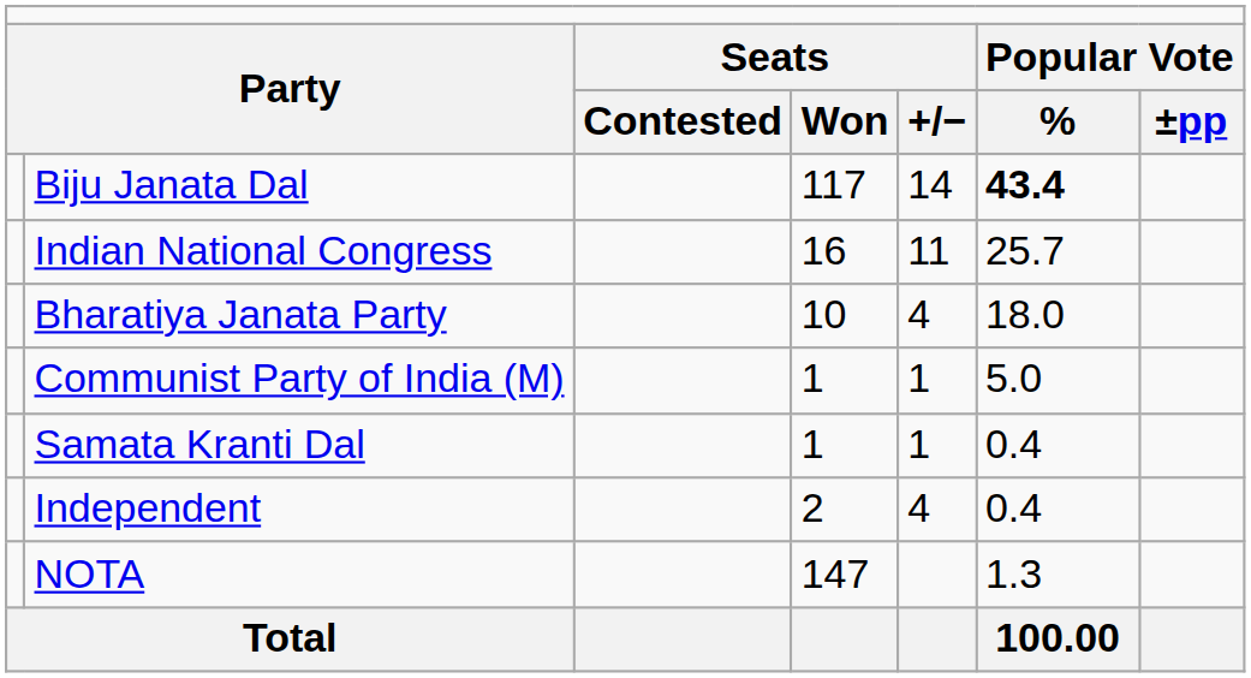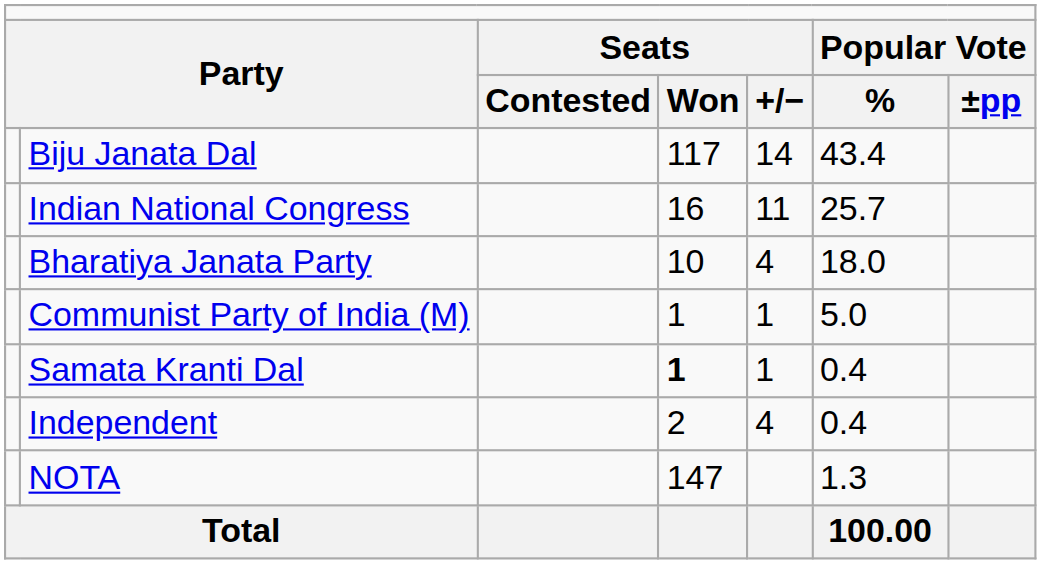 <table class="wikitable">
 <tr>
 <td colspan="7"></td>
 </tr>
 <tr>
 <th colspan="2" rowspan="2">Party</th>
 <th colspan="3">Seats</th>
 <th colspan="2">Popular Vote</th>
 </tr>
 <tr>
 <th>Contested</th>
 <th>Won</th>
 <th><strong>+/−</strong></th>
 <th>%</th>
 <th>±<a href='#'>pp</a></th>
 </tr>
 <tr>
 <td style="background-color: "></td>
 <td><a href='#'>Biju Janata Dal</a></td>
 <td></td>
 <td>117</td>
 <td>14</td>
-<td><strong>43.4</strong></td>
+<td>43.4</td>
 <td></td>
 </tr>
 <tr>
 <td style="background-color: "></td>
 <td><a href='#'>Indian National Congress</a></td>
 <td></td>
 <td>16</td>
 <td>11</td>
 <td>25.7</td>
 <td></td>
 </tr>
 <tr>
 <td style="background-color: "></td>
 <td><a href='#'>Bharatiya Janata Party</a></td>
 <td></td>
 <td>10</td>
 <td>4</td>
 <td>18.0</td>
 <td></td>
 </tr>
 <tr>
 <td style="background-color: "></td>
 <td><a href='#'>Communist Party of India (M)</a></td>
 <td></td>
 <td>1</td>
 <td>1</td>
 <td>5.0</td>
 <td></td>
 </tr>
 <tr>
 <td style="background-color: "></td>
 <td><a href='#'>Samata Kranti Dal</a></td>
 <td></td>
-<td>1</td>
+<td><strong>1</strong></td>
 <td>1</td>
 <td>0.4</td>
 <td></td>
 </tr>
 <tr>
 <td style="background-color: "></td>
 <td><a href='#'>Independent</a></td>
 <td></td>
 <td>2</td>
 <td>4</td>
 <td>0.4</td>
 <td></td>
 </tr>
 <tr>
 <td style="background-color: "></td>
 <td><a href='#'>NOTA</a></td>
 <td></td>
 <td>147</td>
 <td></td>
 <td>1.3</td>
 <td></td>
 </tr>
 <tr>
 <th colspan="2">Total</th>
 <th></th>
 <th></th>
 <th></th>
 <th><strong>100.00</strong></th>
 <th></th>
 </tr>
 </table>
